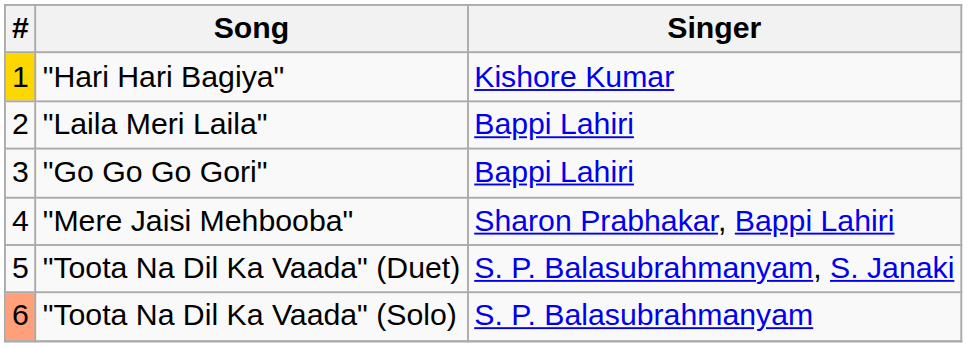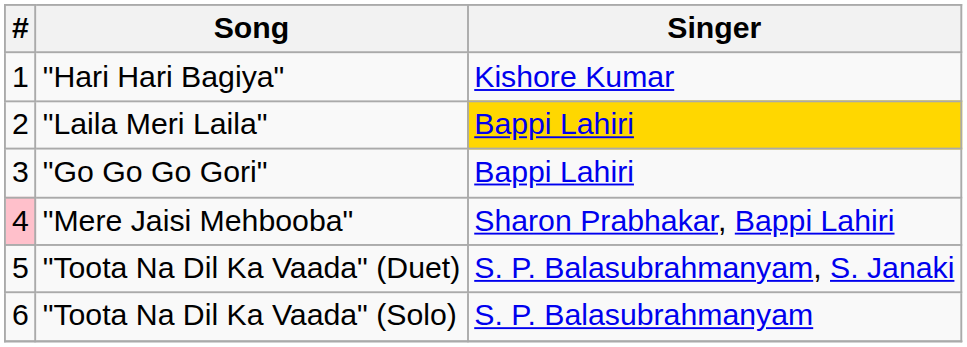 <table class="wikitable">
 <tr>
 <th>#</th>
 <th>Song</th>
 <th>Singer</th>
 </tr>
 <tr>
-<td style="background: gold;">1</td>
+<td>1</td>
 <td>"Hari Hari Bagiya"</td>
 <td><a href='#'>Kishore Kumar</a></td>
 </tr>
 <tr>
 <td>2</td>
 <td>"Laila Meri Laila"</td>
-<td><a href='#'>Bappi Lahiri</a></td>
+<td style="background: gold;"><a href='#'>Bappi Lahiri</a></td>
 </tr>
 <tr>
 <td>3</td>
 <td>"Go Go Go Gori"</td>
 <td><a href='#'>Bappi Lahiri</a></td>
 </tr>
 <tr>
-<td>4</td>
+<td style="background: pink;">4</td>
 <td>"Mere Jaisi Mehbooba"</td>
 <td><a href='#'>Sharon Prabhakar</a>, <a href='#'>Bappi Lahiri</a></td>
 </tr>
 <tr>
 <td>5</td>
 <td>"Toota Na Dil Ka Vaada" (Duet)</td>
 <td><a href='#'>S. P. Balasubrahmanyam</a>, <a href='#'>S. Janaki</a></td>
 </tr>
 <tr>
-<td style="background: lightsalmon;">6</td>
+<td>6</td>
 <td>"Toota Na Dil Ka Vaada" (Solo)</td>
 <td><a href='#'>S. P. Balasubrahmanyam</a></td>
 </tr>
 <tr>
 </tr>
 </table>
